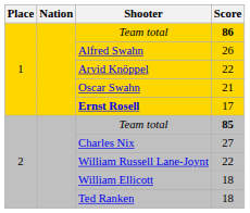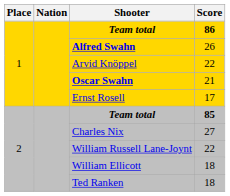 <table class=wikitable>
 <tr>
 <th>Place</th>
 <th>Nation</th>
 <th>Shooter</th>
 <th>Score</th>
 </tr>
 <tr align=center bgcolor=gold>
 <td rowspan=5>1</td>
 <td rowspan=5 align=left></td>
-<td><em>Team total</em></td>
+<td><strong><em>Team total</em></strong></td>
 <td><strong>86</strong></td>
 </tr>
 <tr align=center bgcolor=gold>
-<td align=left><a href='#'>Alfred Swahn</a></td>
+<td align=left><strong><a href='#'>Alfred Swahn</a></strong></td>
 <td>26</td>
 </tr>
 <tr align=center bgcolor=gold>
 <td align=left><a href='#'>Arvid Knöppel</a></td>
 <td>22</td>
 </tr>
 <tr align=center bgcolor=gold>
-<td align=left><a href='#'>Oscar Swahn</a></td>
+<td align=left><strong><a href='#'>Oscar Swahn</a></strong></td>
 <td>21</td>
 </tr>
 <tr align=center bgcolor=gold>
-<td align=left><strong><a href='#'>Ernst Rosell</a></strong></td>
+<td align=left><a href='#'>Ernst Rosell</a></td>
 <td>17</td>
 </tr>
 <tr align=center bgcolor=silver>
 <td rowspan=5>2</td>
 <td rowspan=5 align=left></td>
-<td><em>Team total</em></td>
+<td><strong><em>Team total</em></strong></td>
 <td><strong>85</strong></td>
 </tr>
 <tr align=center bgcolor=silver>
 <td align=left><a href='#'>Charles Nix</a></td>
 <td>27</td>
 </tr>
 <tr align=center bgcolor=silver>
 <td align=left><a href='#'>William Russell Lane-Joynt</a></td>
 <td>22</td>
 </tr>
 <tr align=center bgcolor=silver>
 <td align=left><a href='#'>William Ellicott</a></td>
 <td>18</td>
 </tr>
 <tr align=center bgcolor=silver>
 <td align=left><a href='#'>Ted Ranken</a></td>
 <td>18</td>
 </tr>
 </table>
